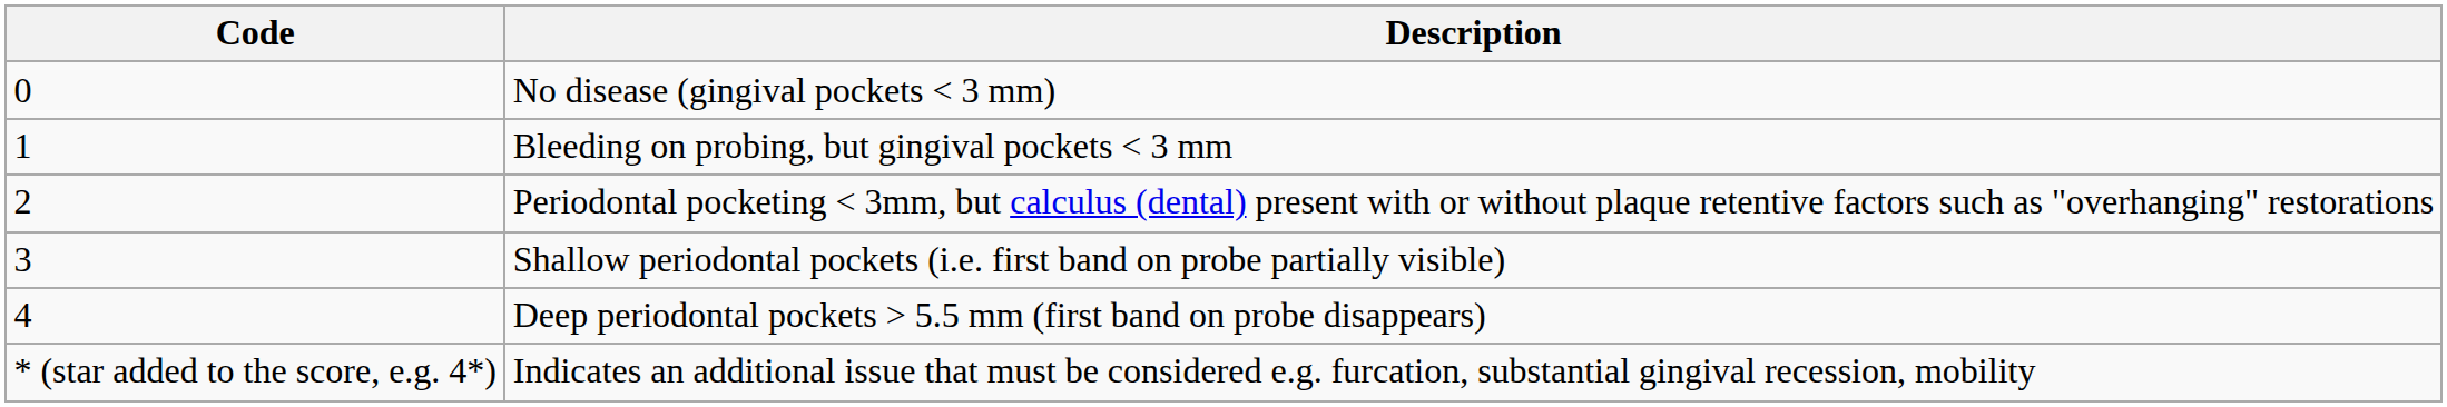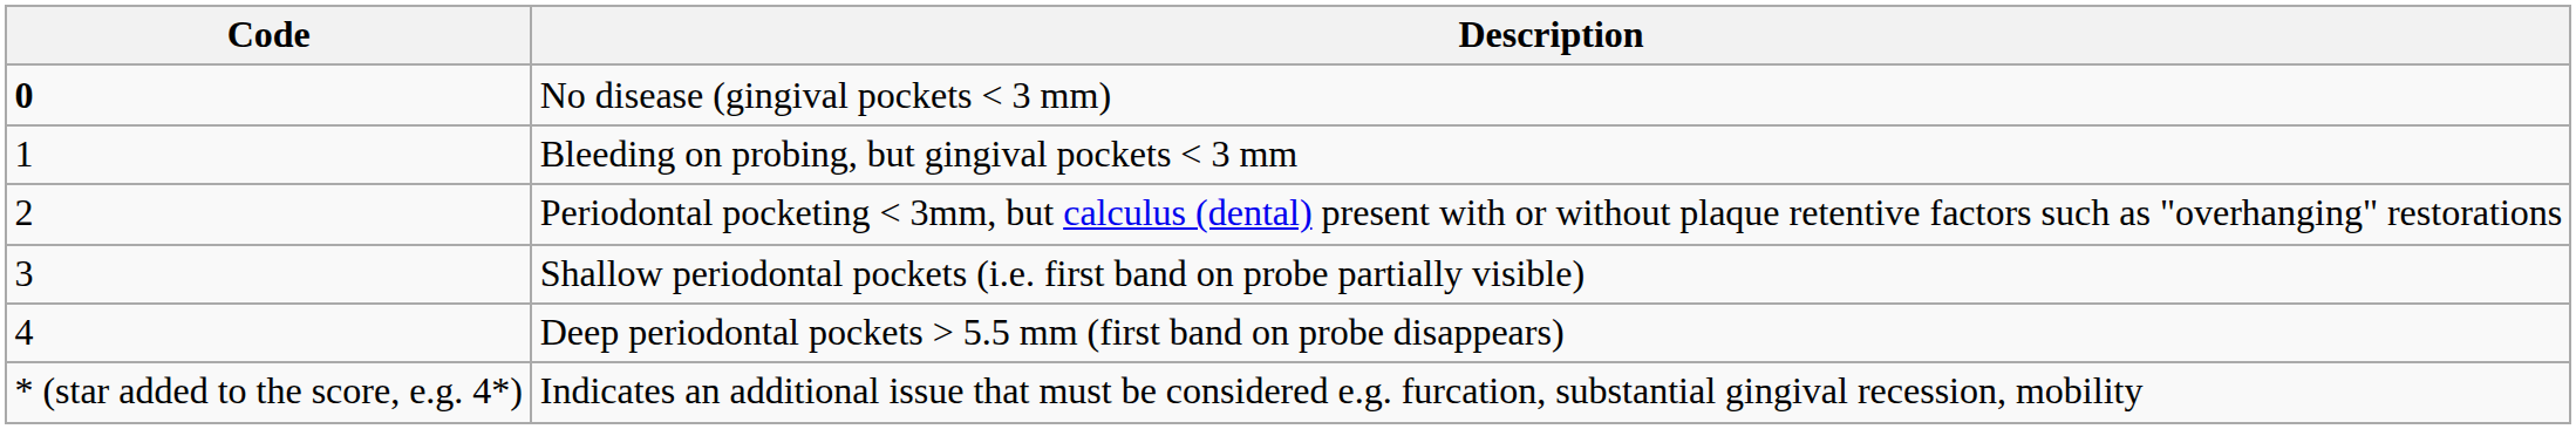 <table class="wikitable">
 <tr>
 <th>Code</th>
 <th>Description</th>
 </tr>
 <tr>
-<td>0</td>
+<td><strong>0</strong></td>
 <td>No disease (gingival pockets < 3 mm)</td>
 </tr>
 <tr>
 <td>1</td>
 <td>Bleeding on probing, but gingival pockets < 3 mm</td>
 </tr>
 <tr>
 <td>2</td>
 <td>Periodontal pocketing < 3mm, but <a href='#'>calculus (dental)</a> present with or without plaque retentive factors such as "overhanging" restorations</td>
 </tr>
 <tr>
 <td>3</td>
 <td>Shallow periodontal pockets (i.e. first band on probe partially visible)</td>
 </tr>
 <tr>
 <td>4</td>
 <td>Deep periodontal pockets > 5.5 mm (first band on probe disappears)</td>
 </tr>
 <tr>
 <td>* (star added to the score, e.g. 4*)</td>
 <td>Indicates an additional issue that must be considered e.g. furcation, substantial gingival recession, mobility</td>
 </tr>
 </table>
